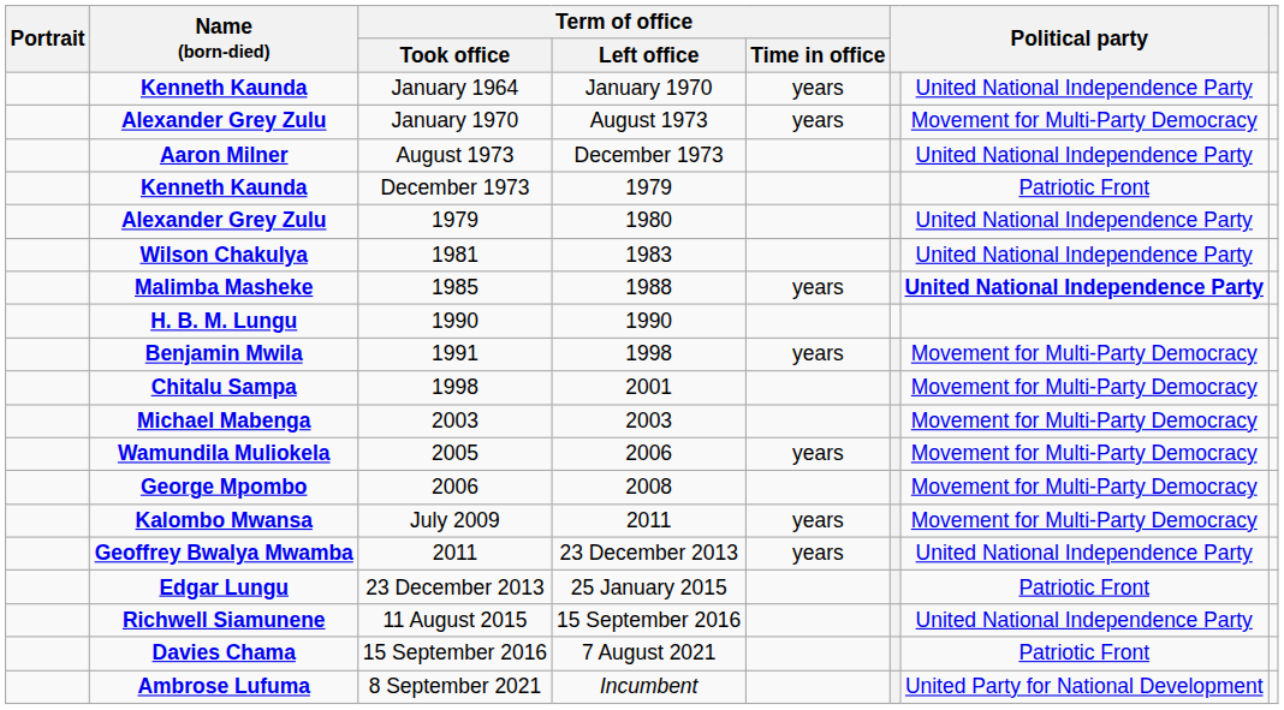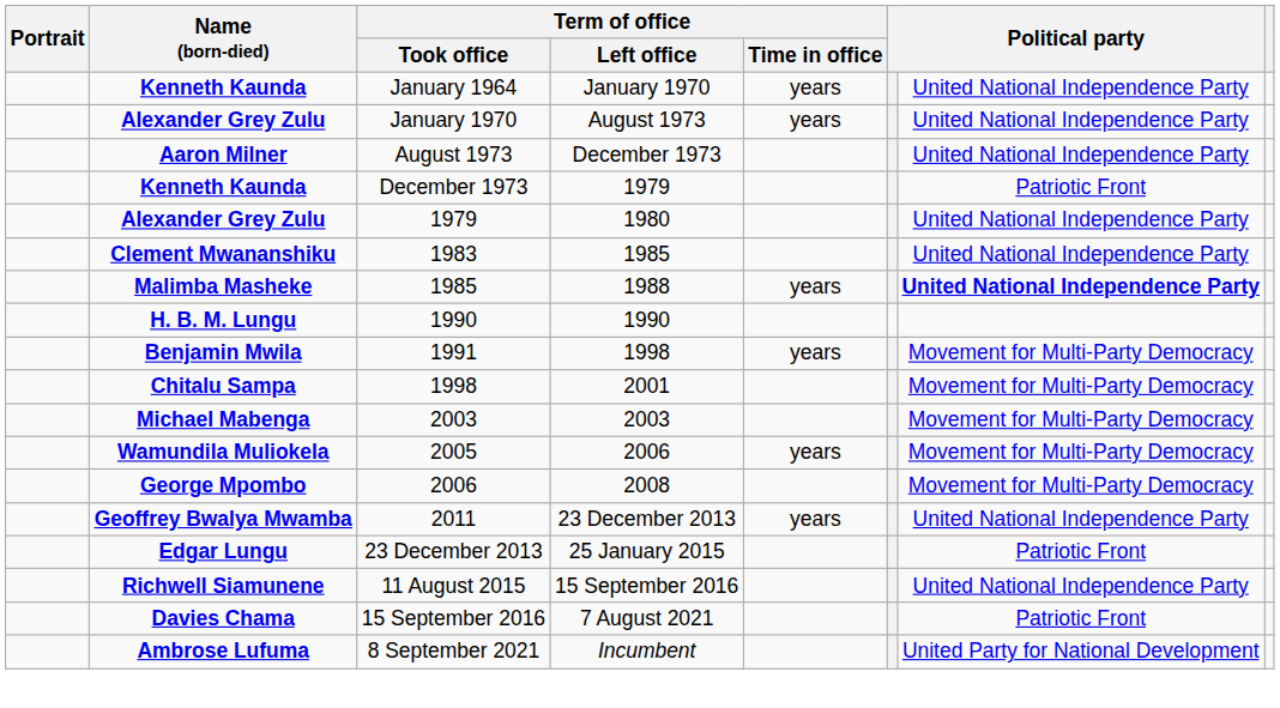 <table class="wikitable" style="text-align:center;">
 <tr>
 <th rowspan=2>Portrait</th>
 <th rowspan=2>Name<br><small>(born-died)</small></th>
 <th colspan=3>Term of office</th>
 <th colspan=2 rowspan=2>Political party</th>
 <th rowspan=2></th>
 </tr>
 <tr>
 <th>Took office</th>
 <th>Left office</th>
 <th>Time in office</th>
 </tr>
 <tr>
 <td></td>
 <td><strong><a href='#'>Kenneth Kaunda</a></strong></td>
 <td>January 1964</td>
 <td>January 1970</td>
 <td> years</td>
 <th style="background:"></th>
 <td><a href='#'>United National Independence Party</a></td>
 <td></td>
 </tr>
 <tr>
 <td></td>
 <td><strong><a href='#'>Alexander Grey Zulu</a></strong><br></td>
 <td>January 1970</td>
 <td>August 1973</td>
 <td> years</td>
 <th style="background:"></th>
-<td><a href='#'>Movement for Multi-Party Democracy</a></td>
+<td><a href='#'>United National Independence Party</a></td>
 <td></td>
 </tr>
 <tr>
 <td></td>
 <td><strong><a href='#'>Aaron Milner</a></strong></td>
 <td>August 1973</td>
 <td>December 1973</td>
 <td></td>
 <th style="background:"></th>
 <td><a href='#'>United National Independence Party</a></td>
 <td></td>
 </tr>
 <tr>
 <td></td>
 <td><strong><a href='#'>Kenneth Kaunda</a></strong></td>
 <td>December 1973</td>
 <td>1979</td>
 <td></td>
 <th style="background:"></th>
 <td><a href='#'>Patriotic Front</a></td>
 <td></td>
 </tr>
 <tr>
 <td></td>
 <td><strong><a href='#'>Alexander Grey Zulu</a></strong></td>
 <td>1979</td>
 <td>1980</td>
 <td></td>
 <th style="background:"></th>
 <td><a href='#'>United National Independence Party</a></td>
 <td></td>
 </tr>
 <tr>
 <td></td>
-<td><strong><a href='#'>Wilson Chakulya</a></strong></td>
-<td>1981</td>
+<td><strong><a href='#'>Clement Mwananshiku</a></strong></td>
 <td>1983</td>
+<td>1985</td>
 <td></td>
 <th style="background:"></th>
 <td><a href='#'>United National Independence Party</a></td>
 <td></td>
 </tr>
 <tr>
 <td></td>
 <td><strong><a href='#'>Malimba Masheke</a></strong><br></td>
 <td>1985</td>
 <td>1988</td>
 <td> years</td>
 <th style="background:"></th>
 <td><strong><a href='#'>United National Independence Party</a></strong></td>
 <td></td>
 </tr>
 <tr>
 <td></td>
 <td><strong><a href='#'>H. B. M. Lungu</a></strong></td>
 <td>1990</td>
 <td>1990</td>
 <td></td>
 <td></td>
 <td></td>
 <td></td>
 </tr>
 <tr>
 <td></td>
 <td><strong><a href='#'>Benjamin Mwila</a></strong><br></td>
 <td>1991</td>
 <td>1998</td>
 <td> years</td>
 <th style="background:"></th>
 <td><a href='#'>Movement for Multi-Party Democracy</a></td>
 <td></td>
 </tr>
 <tr>
 <td></td>
 <td><strong><a href='#'>Chitalu Sampa</a></strong></td>
 <td>1998</td>
 <td>2001</td>
 <td></td>
 <th style="background:"></th>
 <td><a href='#'>Movement for Multi-Party Democracy</a></td>
 <td></td>
 </tr>
 <tr>
 <td></td>
 <td><strong><a href='#'>Michael Mabenga</a></strong></td>
 <td>2003</td>
 <td>2003</td>
 <td></td>
 <th style="background:"></th>
 <td><a href='#'>Movement for Multi-Party Democracy</a></td>
 <td></td>
 </tr>
 <tr>
 <td></td>
 <td><strong><a href='#'>Wamundila Muliokela</a></strong><br></td>
 <td>2005</td>
 <td>2006</td>
 <td> years</td>
 <th style="background:"></th>
 <td><a href='#'>Movement for Multi-Party Democracy</a></td>
 <td></td>
 </tr>
 <tr>
 <td></td>
 <td><strong><a href='#'>George Mpombo</a></strong></td>
 <td>2006</td>
 <td>2008</td>
 <td></td>
 <th style="background:"></th>
 <td><a href='#'>Movement for Multi-Party Democracy</a></td>
 <td></td>
 </tr>
 <tr>
 <td></td>
-<td><strong><a href='#'>Kalombo Mwansa</a></strong><br></td>
-<td>July 2009</td>
-<td>2011</td>
-<td> years</td>
-<th style="background:"></th>
-<td><a href='#'>Movement for Multi-Party Democracy</a></td>
-<td></td>
-</tr>
-<tr>
-<td></td>
 <td><strong><a href='#'>Geoffrey Bwalya Mwamba</a></strong><br></td>
 <td>2011</td>
 <td>23 December 2013</td>
 <td> years</td>
 <th style="background:"></th>
 <td><a href='#'>United National Independence Party</a></td>
 <td></td>
 </tr>
 <tr>
 <td></td>
 <td><strong><a href='#'>Edgar Lungu</a></strong><br></td>
 <td>23 December 2013</td>
 <td>25 January 2015</td>
 <td></td>
 <th style="background:"></th>
 <td><a href='#'>Patriotic Front</a></td>
 <td></td>
 </tr>
 <tr>
 <td></td>
 <td><strong><a href='#'>Richwell Siamunene</a></strong><br></td>
 <td>11 August 2015</td>
 <td>15 September 2016</td>
 <td></td>
 <th style="background:"></th>
 <td><a href='#'>United National Independence Party</a></td>
 <td></td>
 </tr>
 <tr>
 <td></td>
 <td><strong><a href='#'>Davies Chama</a></strong><br></td>
 <td>15 September 2016</td>
 <td>7 August 2021</td>
 <td></td>
 <th style="background:"></th>
 <td><a href='#'>Patriotic Front</a></td>
 <td></td>
 </tr>
 <tr>
 <td></td>
 <td><strong><a href='#'>Ambrose Lufuma</a></strong><br></td>
 <td>8 September 2021</td>
 <td><em>Incumbent</em></td>
 <td></td>
 <th style="background:"></th>
 <td><a href='#'>United Party for National Development</a></td>
 <td></td>
 </tr>
 </table>
